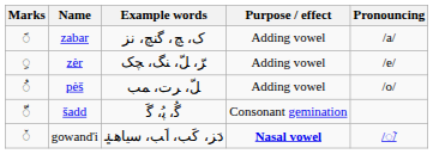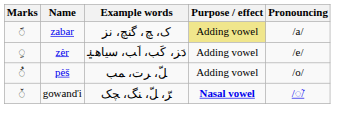 <table class="wikitable" style="text-align:center">
 <tr>
 <th scope="col">Marks</th>
 <th scope="col">Name</th>
 <th scope="col">Example words</th>
 <th scope="col">Purpose / effect</th>
 <th>Pronouncing</th>
 </tr>
 <tr>
 <td lang="bal" style="font-size:large;">َ◌</td>
 <td><a href='#'>zabar</a></td>
 <td lang="bal" style="font-size:large;">ک، ‍چ، گ‍نچ، نز</td>
-<td>Adding vowel</td>
+<td style="background: khaki;">Adding vowel</td>
 <td>/a/</td>
 </tr>
 <tr>
 <td lang="bal" style="font-size:large;">ِ◌</td>
 <td><a href='#'>zèr</a></td>
-<td lang="bal" style="font-size:large;">‍رّ، ‍لّ، ‍نگ، ‍چک</td>
+<td lang="bal" style="font-size:large;">دَ‍ز، کَ‍‍ب، اَ‍ب، سیاھݔ‍</td>
 <td>Adding vowel</td>
 <td>/e/</td>
 </tr>
 <tr>
 <td lang="bal" style="font-size:large;">ُ◌</td>
 <td><a href='#'>pèš</a></td>
 <td lang="bal" style="font-size:large;">‍لّ، ‍رت، ‍مب</td>
 <td>Adding vowel</td>
 <td>/o/</td>
 </tr>
 <tr>
-<td lang="bal" style="font-size:large;">ّ◌</td>
-<td><a href='#'>šadd</a></td>
-<td lang="bal" style="font-size:large;">گُ‍، پُ‍، گَ‍</td>
-<td>Consonant <a href='#'>gemination</a></td>
-<td></td>
-</tr>
-<tr>
 <td lang="bal" style="font-size:large;">ٚ◌</td>
 <td>gowanďi</td>
-<td lang="bal" style="font-size:large;">دَ‍ز، کَ‍‍ب، اَ‍ب، سیاھݔ‍</td>
+<td lang="bal" style="font-size:large;">‍رّ، ‍لّ، ‍نگ، ‍چک</td>
 <td><strong><a href='#'>Nasal vowel</a></strong></td>
 <td><a href='#'>/◌̃/</a></td>
 </tr>
 </table>
